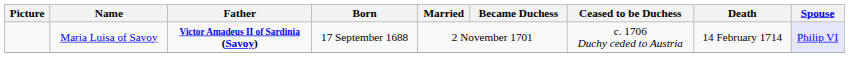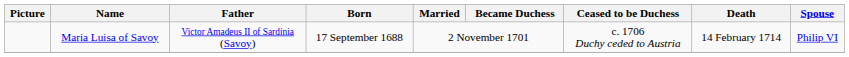 <table width=95% class="wikitable">
 <tr>
 <th>Picture</th>
 <th>Name</th>
 <th>Father</th>
 <th>Born</th>
 <th>Married</th>
 <th>Became Duchess</th>
 <th>Ceased to be Duchess</th>
 <th>Death</th>
 <th><a href='#'>Spouse</a></th>
 </tr>
 <tr>
 <td align="center"></td>
 <td align="center"><a href='#'>Maria Luisa of Savoy</a></td>
-<td align="center"><strong><small><a href='#'>Victor Amadeus II of Sardinia</a></small><br>(<a href='#'>Savoy</a>)</strong></td>
+<td align="center"><small><a href='#'>Victor Amadeus II of Sardinia</a></small><br>(<a href='#'>Savoy</a>)</td>
 <td align="center">17 September 1688</td>
 <td align="center" colspan="2">2 November 1701</td>
 <td align="center">c. 1706<br><em>Duchy ceded to Austria</em></td>
 <td align="center">14 February 1714</td>
-<td align="center" style="background: lavender;"><a href='#'>Philip VI</a></td>
+<td align="center"><a href='#'>Philip VI</a></td>
 </tr>
 <tr>
 </tr>
 </table>
